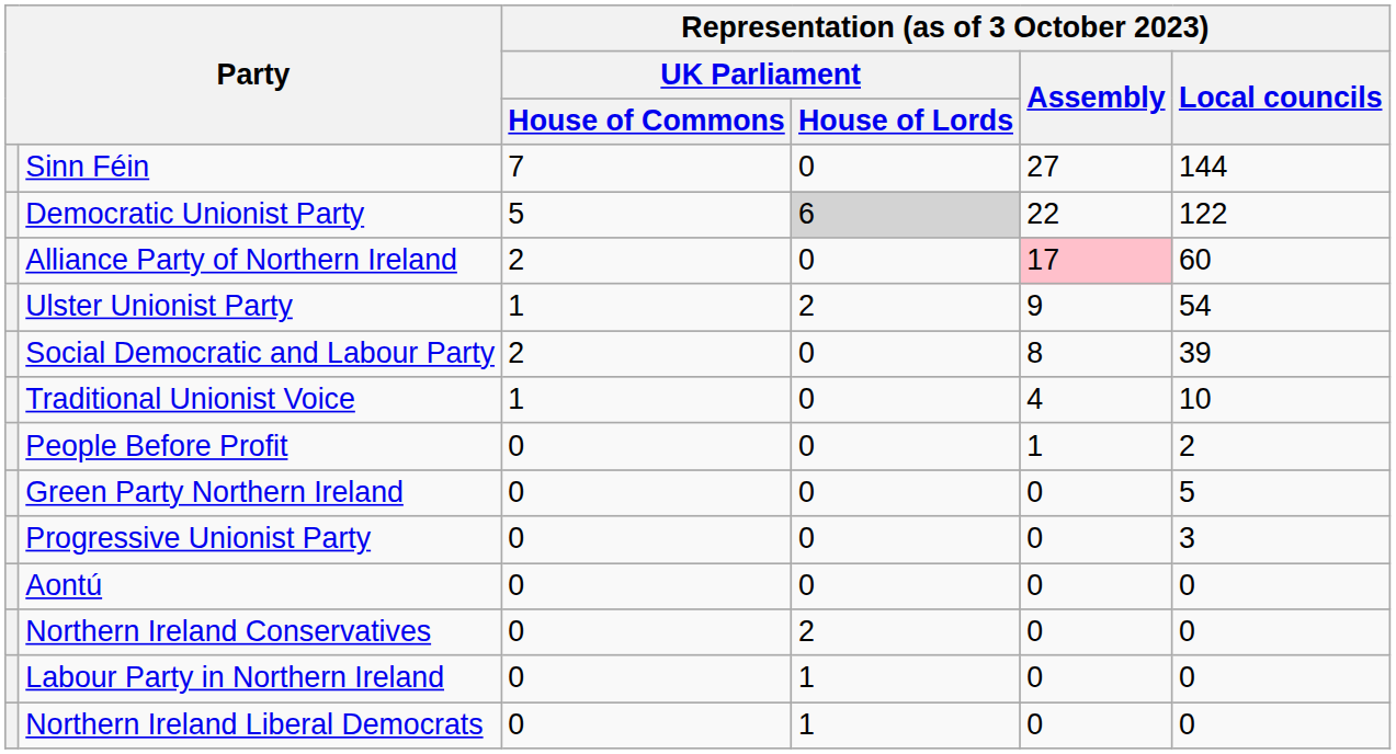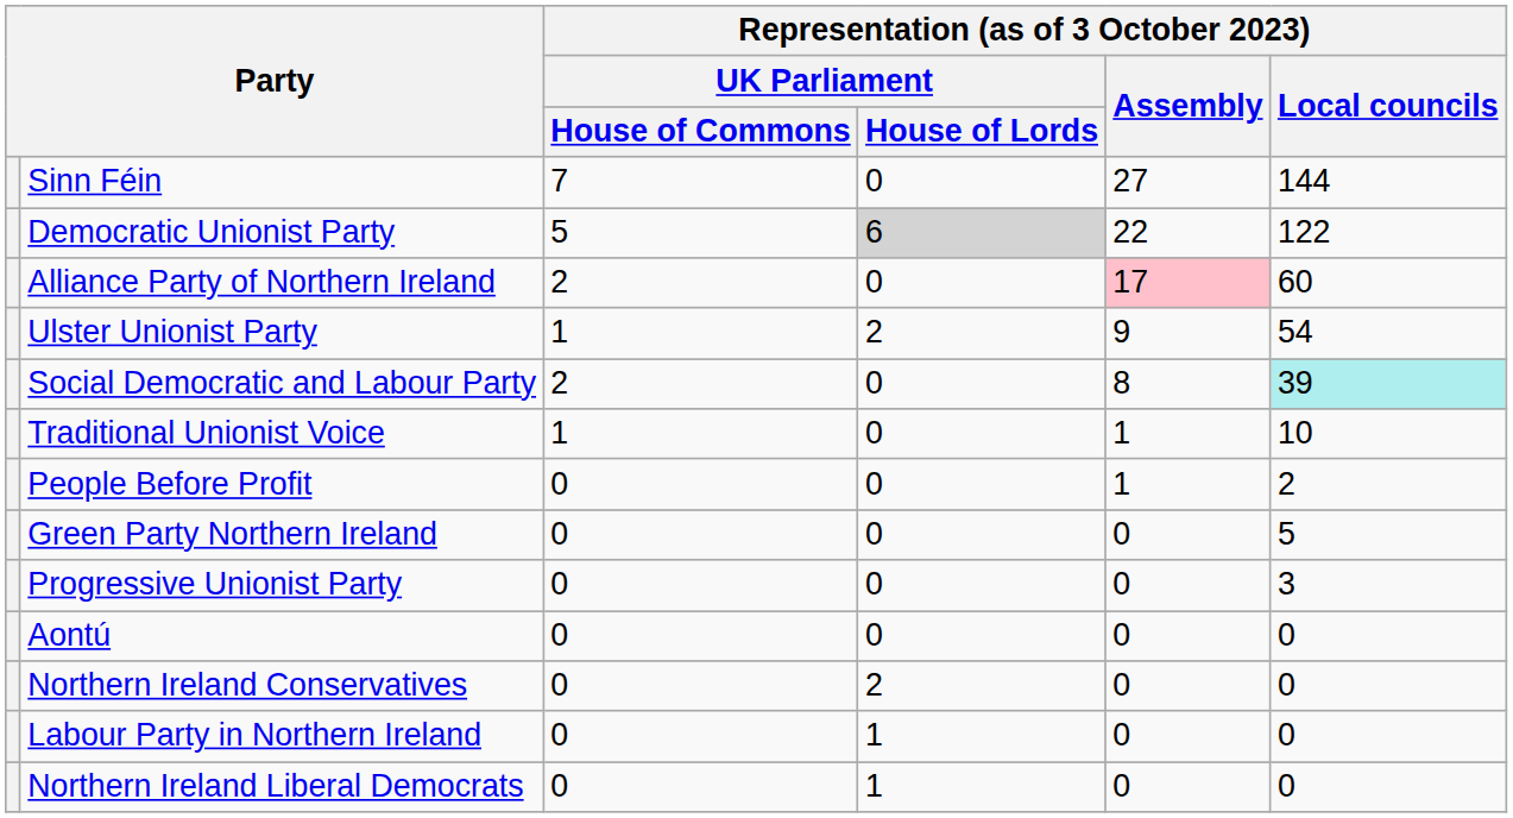 <table class="wikitable sortable">
 <tr>
 <th colspan=2 rowspan=3>Party</th>
 <th colspan=6>Representation (as of 3 October 2023)</th>
 </tr>
 <tr>
 <th colspan=2><a href='#'>UK Parliament</a></th>
 <th rowspan=2><a href='#'>Assembly</a></th>
 <th rowspan=2><a href='#'>Local councils</a></th>
 </tr>
 <tr>
 <th><a href='#'>House of Commons</a></th>
 <th><a href='#'>House of Lords</a></th>
 </tr>
 <tr>
 <th style="background-color: "></th>
 <td><a href='#'>Sinn Féin</a></td>
 <td>7</td>
 <td>0</td>
 <td>27</td>
 <td>144</td>
 </tr>
 <tr>
 <th style="background-color: "></th>
 <td><a href='#'>Democratic Unionist Party</a></td>
 <td>5</td>
 <td style="background: lightgrey;">6</td>
 <td>22</td>
 <td>122</td>
 </tr>
 <tr>
 <th style="background-color: "></th>
 <td><a href='#'>Alliance Party of Northern Ireland</a></td>
 <td>2</td>
 <td>0</td>
 <td style="background: pink;">17</td>
 <td>60</td>
 </tr>
 <tr>
 <th style="background-color: "></th>
 <td><a href='#'>Ulster Unionist Party</a></td>
 <td>1</td>
 <td>2</td>
 <td>9</td>
 <td>54</td>
 </tr>
 <tr>
 <th style="background-color: "></th>
 <td><a href='#'>Social Democratic and Labour Party</a></td>
 <td>2</td>
 <td>0</td>
 <td>8</td>
-<td>39</td>
+<td style="background: paleturquoise;">39</td>
 </tr>
 <tr>
 <th style="background-color: "></th>
 <td><a href='#'>Traditional Unionist Voice</a></td>
 <td>1</td>
 <td>0</td>
-<td>4</td>
+<td>1</td>
 <td>10</td>
 </tr>
 <tr>
 <th style="background-color: "></th>
 <td><a href='#'>People Before Profit</a></td>
 <td>0</td>
 <td>0</td>
 <td>1</td>
 <td>2</td>
 </tr>
 <tr>
 <th style="background-color: "></th>
 <td><a href='#'>Green Party Northern Ireland</a></td>
 <td>0</td>
 <td>0</td>
 <td>0</td>
 <td>5</td>
 </tr>
 <tr>
 <th style="background-color: "></th>
 <td><a href='#'>Progressive Unionist Party</a></td>
 <td>0</td>
 <td>0</td>
 <td>0</td>
 <td>3</td>
 </tr>
 <tr>
 <th style="background-color: "></th>
 <td><a href='#'>Aontú</a></td>
 <td>0</td>
 <td>0</td>
 <td>0</td>
 <td>0</td>
 </tr>
 <tr>
 <th style="background-color: "></th>
 <td><a href='#'>Northern Ireland Conservatives</a></td>
 <td>0</td>
 <td>2</td>
 <td>0</td>
 <td>0</td>
 </tr>
 <tr>
 <th style="background-color: "></th>
 <td><a href='#'>Labour Party in Northern Ireland</a></td>
 <td>0</td>
 <td>1</td>
 <td>0</td>
 <td>0</td>
 </tr>
 <tr>
 <th style="background-color: "></th>
 <td><a href='#'>Northern Ireland Liberal Democrats</a></td>
 <td>0</td>
 <td>1</td>
 <td>0</td>
 <td>0</td>
 </tr>
 </table>
